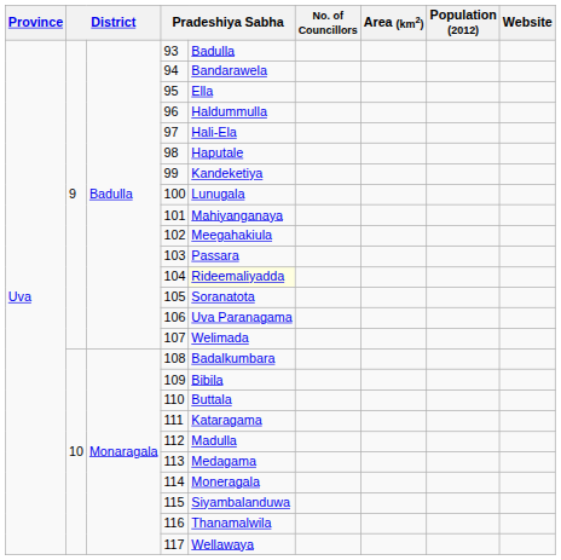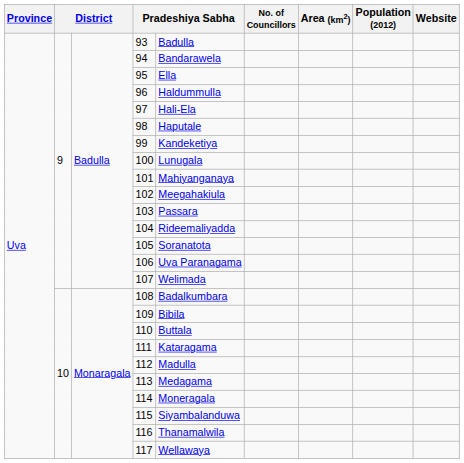 <table class="wikitable sortable">
 <tr>
 <th><a href='#'>Province</a></th>
 <th colspan="2"><a href='#'>District</a></th>
 <th colspan="2">Pradeshiya Sabha</th>
 <th><small>No. of<br>Councillors</small></th>
 <th>Area <small>(km<sup>2</sup>)</small><br></th>
 <th>Population<br><small>(2012)</small></th>
 <th>Website</th>
 </tr>
 <tr>
 <td rowspan="25"><a href='#'>Uva</a></td>
 <td rowspan="15">9</td>
 <td rowspan="15"><a href='#'>Badulla</a></td>
 <td>93</td>
 <td><a href='#'>Badulla</a></td>
 <td></td>
 <td></td>
 <td></td>
 <td></td>
 </tr>
 <tr>
 <td>94</td>
 <td><a href='#'>Bandarawela</a></td>
 <td></td>
 <td></td>
 <td></td>
 <td></td>
 </tr>
 <tr>
 <td>95</td>
 <td><a href='#'>Ella</a></td>
 <td></td>
 <td></td>
 <td></td>
 <td></td>
 </tr>
 <tr>
 <td>96</td>
 <td><a href='#'>Haldummulla</a></td>
 <td></td>
 <td></td>
 <td></td>
 <td></td>
 </tr>
 <tr>
 <td>97</td>
 <td><a href='#'>Hali-Ela</a></td>
 <td></td>
 <td></td>
 <td></td>
 <td></td>
 </tr>
 <tr>
 <td>98</td>
 <td><a href='#'>Haputale</a></td>
 <td></td>
 <td></td>
 <td></td>
 <td></td>
 </tr>
 <tr>
 <td>99</td>
 <td><a href='#'>Kandeketiya</a></td>
 <td></td>
 <td></td>
 <td></td>
 <td></td>
 </tr>
 <tr>
 <td>100</td>
 <td><a href='#'>Lunugala</a></td>
 <td></td>
 <td></td>
 <td></td>
 <td></td>
 </tr>
 <tr>
 <td>101</td>
 <td><a href='#'>Mahiyanganaya</a></td>
 <td></td>
 <td></td>
 <td></td>
 <td></td>
 </tr>
 <tr>
 <td>102</td>
 <td><a href='#'>Meegahakiula</a></td>
 <td></td>
 <td></td>
 <td></td>
 <td></td>
 </tr>
 <tr>
 <td>103</td>
 <td><a href='#'>Passara</a></td>
 <td></td>
 <td></td>
 <td></td>
 <td></td>
 </tr>
 <tr>
 <td>104</td>
-<td style="background: lightyellow;"><a href='#'>Rideemaliyadda</a></td>
+<td><a href='#'>Rideemaliyadda</a></td>
 <td></td>
 <td></td>
 <td></td>
 <td></td>
 </tr>
 <tr>
 <td>105</td>
 <td><a href='#'>Soranatota</a></td>
 <td></td>
 <td></td>
 <td></td>
 <td></td>
 </tr>
 <tr>
 <td>106</td>
 <td><a href='#'>Uva Paranagama</a></td>
 <td></td>
 <td></td>
 <td></td>
 <td></td>
 </tr>
 <tr>
 <td>107</td>
 <td><a href='#'>Welimada</a></td>
 <td></td>
 <td></td>
 <td></td>
 <td></td>
 </tr>
 <tr>
 <td rowspan="10">10</td>
 <td rowspan="10"><a href='#'>Monaragala</a></td>
 <td>108</td>
 <td><a href='#'>Badalkumbara</a></td>
 <td></td>
 <td></td>
 <td></td>
 <td></td>
 </tr>
 <tr>
 <td>109</td>
 <td><a href='#'>Bibila</a></td>
 <td></td>
 <td></td>
 <td></td>
 <td></td>
 </tr>
 <tr>
 <td>110</td>
 <td><a href='#'>Buttala</a></td>
 <td></td>
 <td></td>
 <td></td>
 <td></td>
 </tr>
 <tr>
 <td>111</td>
 <td><a href='#'>Kataragama</a></td>
 <td></td>
 <td></td>
 <td></td>
 <td></td>
 </tr>
 <tr>
 <td>112</td>
 <td><a href='#'>Madulla</a></td>
 <td></td>
 <td></td>
 <td></td>
 <td></td>
 </tr>
 <tr>
 <td>113</td>
 <td><a href='#'>Medagama</a></td>
 <td></td>
 <td></td>
 <td></td>
 <td></td>
 </tr>
 <tr>
 <td>114</td>
 <td><a href='#'>Moneragala</a></td>
 <td></td>
 <td></td>
 <td></td>
 <td></td>
 </tr>
 <tr>
 <td>115</td>
 <td><a href='#'>Siyambalanduwa</a></td>
 <td></td>
 <td></td>
 <td></td>
 <td></td>
 </tr>
 <tr>
 <td>116</td>
 <td><a href='#'>Thanamalwila</a></td>
 <td></td>
 <td></td>
 <td></td>
 <td></td>
 </tr>
 <tr>
 <td>117</td>
 <td><a href='#'>Wellawaya</a></td>
 <td></td>
 <td></td>
 <td></td>
 <td></td>
 </tr>
 </table>
